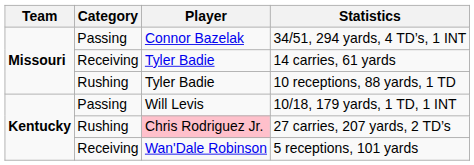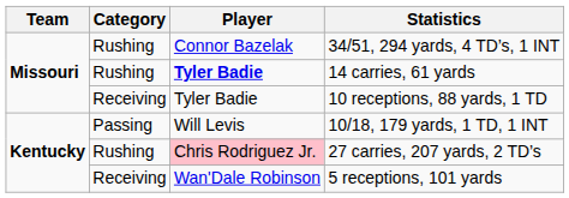 <table class="wikitable" style="float: right;">
 <tr>
 <th>Team</th>
 <th>Category</th>
 <th>Player</th>
 <th>Statistics</th>
 </tr>
 <tr>
 <td rowspan=3><strong>Missouri</strong></td>
-<td>Passing</td>
+<td>Rushing</td>
 <td><a href='#'>Connor Bazelak</a></td>
 <td>34/51, 294 yards, 4 TD’s, 1 INT</td>
 </tr>
 <tr>
-<td>Receiving</td>
-<td><a href='#'>Tyler Badie</a></td>
+<td>Rushing</td>
+<td><strong><a href='#'>Tyler Badie</a></strong></td>
 <td>14 carries, 61 yards</td>
 </tr>
 <tr>
-<td>Rushing</td>
+<td>Receiving</td>
 <td>Tyler Badie</td>
 <td>10 receptions, 88 yards, 1 TD</td>
 </tr>
 <tr>
 <td rowspan=3><strong>Kentucky</strong></td>
 <td>Passing</td>
 <td>Will Levis</td>
 <td>10/18, 179 yards, 1 TD, 1 INT</td>
 </tr>
 <tr>
 <td>Rushing</td>
 <td style="background: pink;">Chris Rodriguez Jr.</td>
 <td>27 carries, 207 yards, 2 TD’s</td>
 </tr>
 <tr>
 <td>Receiving</td>
 <td><a href='#'>Wan'Dale Robinson</a></td>
 <td>5 receptions, 101 yards</td>
 </tr>
 </table>
